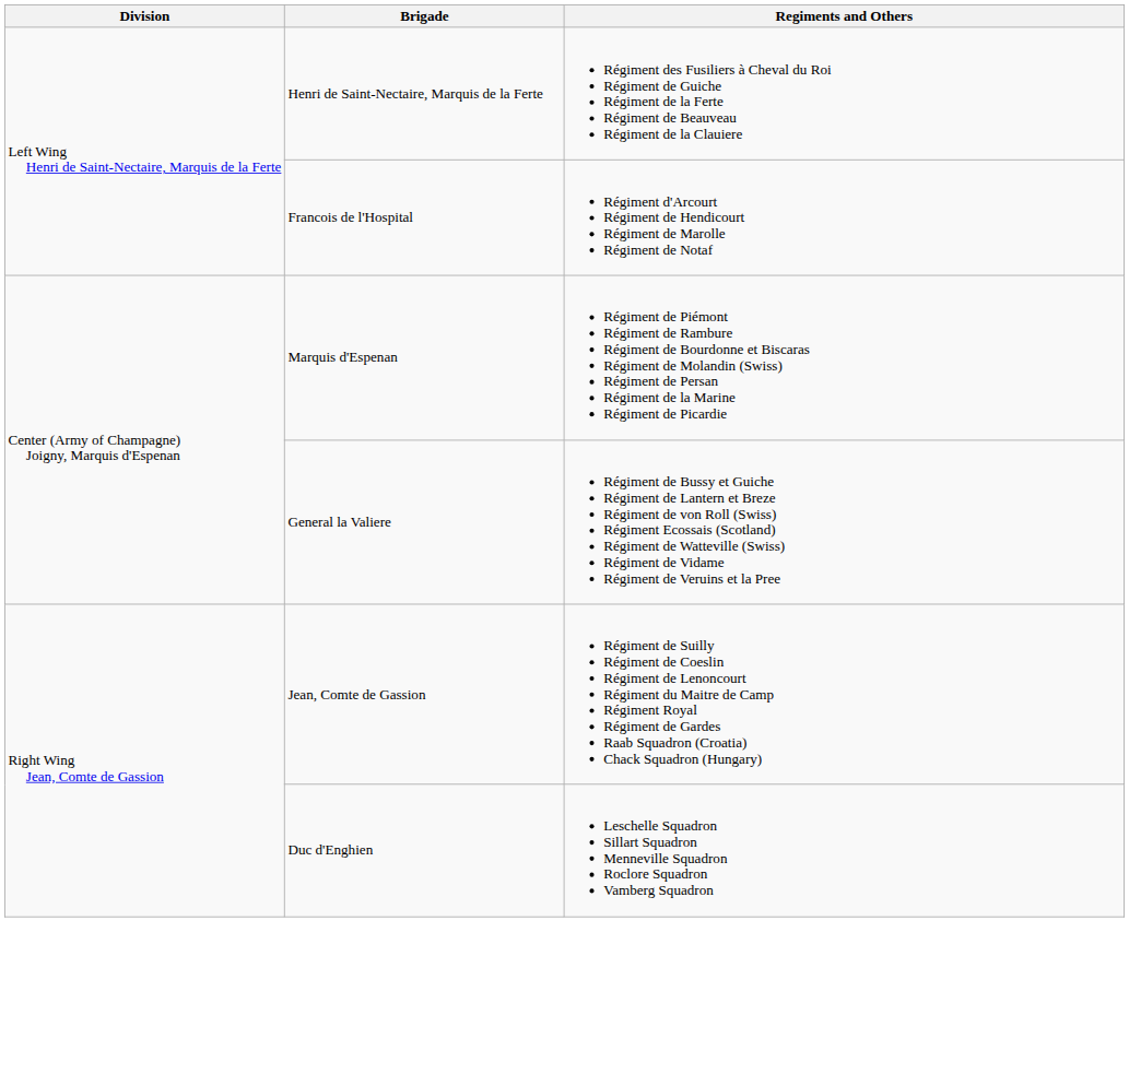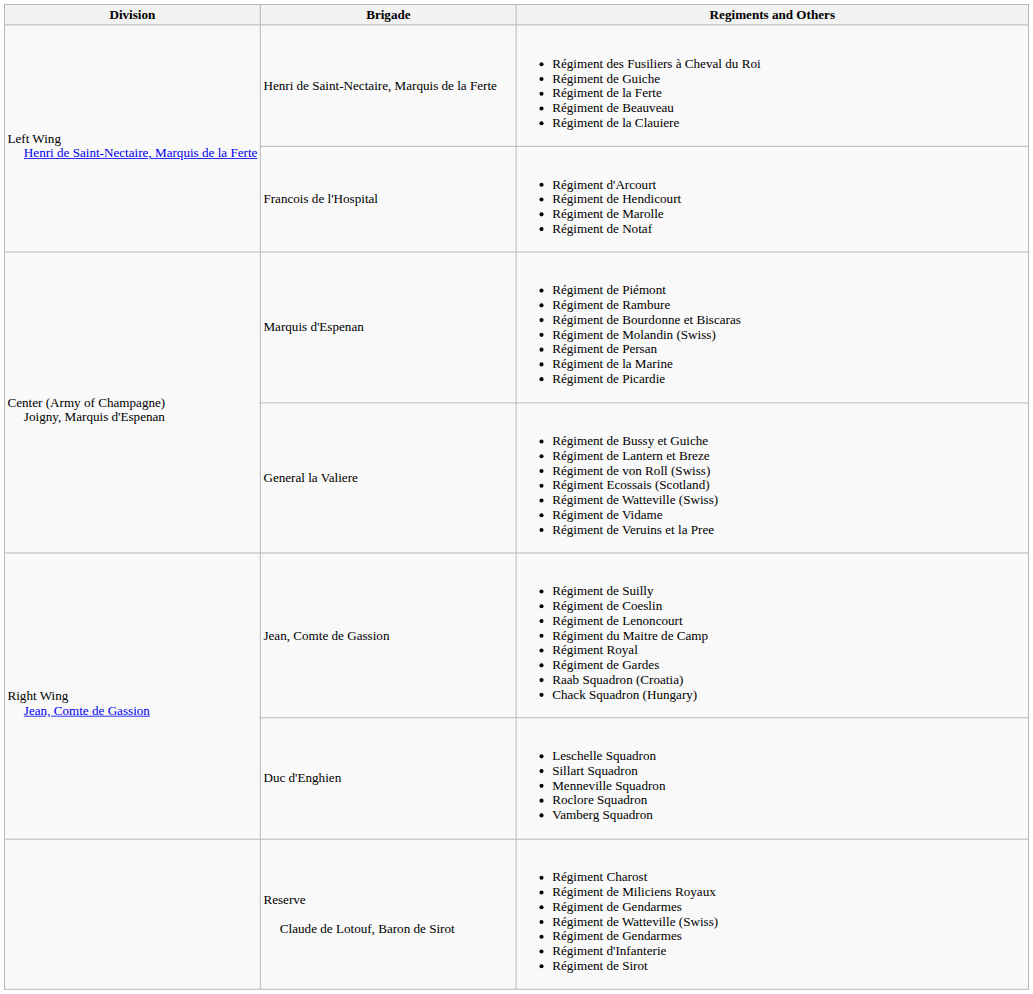 <table class="wikitable">
 <tr>
 <th style="width:25%;">Division</th>
 <th style="width:25%;">Brigade</th>
 <th>Regiments and Others</th>
 </tr>
 <tr>
 <td rowspan=2><br>Left Wing <br>     <a href='#'>Henri de Saint-Nectaire, Marquis de la Ferte</a></td>
 <td>Henri de Saint-Nectaire, Marquis de la Ferte</td>
 <td><br><ul><li>Régiment des Fusiliers à Cheval du Roi</li><li>Régiment de Guiche</li><li>Régiment de la Ferte</li><li>Régiment de Beauveau</li><li>Régiment de la Clauiere</li></ul></td>
 </tr>
 <tr>
 <td>Francois de l'Hospital</td>
 <td><br><ul><li>Régiment d'Arcourt</li><li>Régiment de Hendicourt</li><li>Régiment de Marolle</li><li>Régiment de Notaf</li></ul></td>
 </tr>
 <tr>
 <td rowspan=2><br>Center (Army of Champagne) <br>     Joigny, Marquis d'Espenan</td>
 <td>Marquis d'Espenan</td>
 <td><br><ul><li>Régiment de Piémont</li><li>Régiment de Rambure</li><li>Régiment de Bourdonne et Biscaras</li><li>Régiment de Molandin (Swiss)</li><li>Régiment de Persan</li><li>Régiment de la Marine</li><li>Régiment de Picardie</li></ul></td>
 </tr>
 <tr>
 <td>General la Valiere</td>
 <td><br><ul><li>Régiment de Bussy et Guiche</li><li>Régiment de Lantern et Breze</li><li>Régiment de von Roll (Swiss)</li><li>Régiment Ecossais (Scotland)</li><li>Régiment de Watteville (Swiss)</li><li>Régiment de Vidame</li><li>Régiment de Veruins et la Pree</li></ul></td>
 </tr>
 <tr>
 <td rowspan=2><br>Right Wing <br>     <a href='#'>Jean, Comte de Gassion</a></td>
 <td>Jean, Comte de Gassion</td>
 <td><br><ul><li>Régiment de Suilly</li><li>Régiment de Coeslin</li><li>Régiment de Lenoncourt</li><li>Régiment du Maitre de Camp</li><li>Régiment Royal</li><li>Régiment de Gardes</li><li>Raab Squadron (Croatia)</li><li>Chack Squadron (Hungary)</li></ul></td>
 </tr>
 <tr>
 <td>Duc d'Enghien</td>
 <td><br><ul><li>Leschelle Squadron</li><li>Sillart Squadron</li><li>Menneville Squadron</li><li>Roclore Squadron</li><li>Vamberg Squadron</li></ul></td>
 </tr>
+<tr>
+<td></td>
+<td>Reserve<br><br>     Claude de Lotouf, Baron de Sirot</td>
+<td><br><ul><li>Régiment Charost</li><li>Régiment de Miliciens Royaux</li><li>Régiment de Gendarmes</li><li>Régiment de Watteville (Swiss)</li><li>Régiment de Gendarmes</li><li>Régiment d'Infanterie</li><li>Régiment de Sirot</li></ul></td>
+</tr>
 </table>
